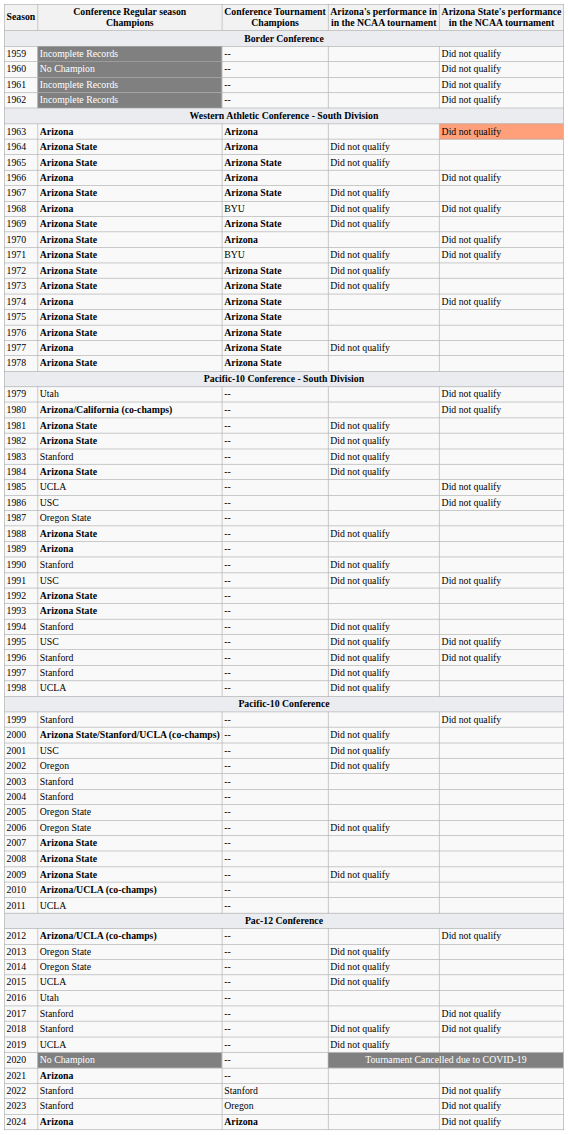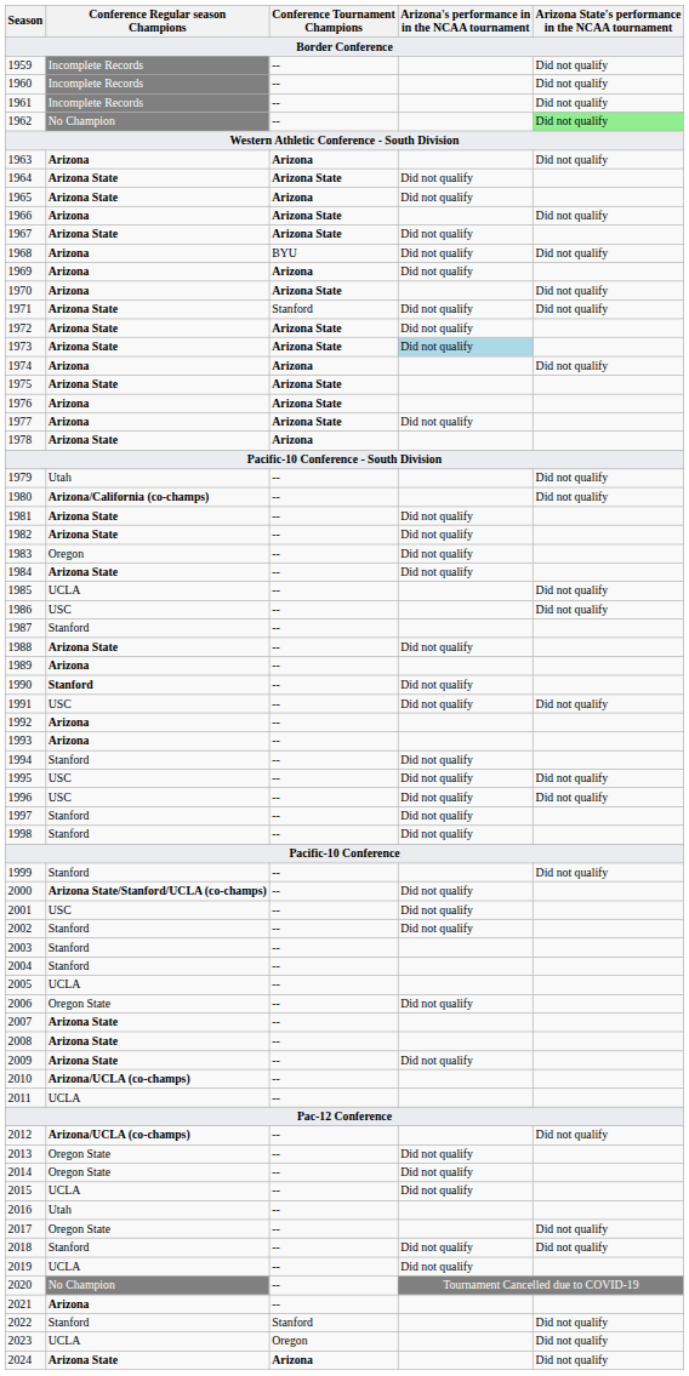 <table class="wikitable">
 <tr>
 <th>Season</th>
 <th>Conference Regular season<br>Champions</th>
 <th>Conference Tournament<br>Champions</th>
 <th>Arizona's performance in<br>in the NCAA tournament</th>
 <th>Arizona State's performance<br>in the NCAA tournament</th>
 </tr>
 <tr>
 <td colspan=5; align=center style="background-color:#eaecf0"><strong>Border Conference</strong></td>
 </tr>
 <tr>
 <td>1959</td>
 <td style="background: grey;color:white">Incomplete Records</td>
 <td>--</td>
 <td><a href='#'></a></td>
 <td>Did not qualify</td>
 </tr>
 <tr>
 <td>1960</td>
-<td style="background: grey;color:white">No Champion</td>
+<td style="background: grey;color:white">Incomplete Records</td>
 <td>--</td>
 <td><a href='#'></a></td>
 <td>Did not qualify</td>
 </tr>
 <tr>
 <td>1961</td>
 <td style="background: grey;color:white">Incomplete Records</td>
 <td>--</td>
 <td><a href='#'></a></td>
 <td>Did not qualify</td>
 </tr>
 <tr>
 <td>1962</td>
-<td style="background: grey;color:white">Incomplete Records</td>
+<td style="background: grey;color:white">No Champion</td>
 <td>--</td>
 <td><a href='#'></a></td>
-<td>Did not qualify</td>
+<td style="background: lightgreen;">Did not qualify</td>
 </tr>
 <tr>
 <td colspan=5; align=center style="background-color:#eaecf0"><strong>Western Athletic Conference - South Division</strong></td>
 </tr>
 <tr>
 <td>1963</td>
 <td><strong>Arizona</strong></td>
 <td><strong>Arizona</strong></td>
 <td><a href='#'></a></td>
-<td style="background: lightsalmon;">Did not qualify</td>
+<td>Did not qualify</td>
 </tr>
 <tr>
 <td>1964</td>
+<td><strong>Arizona State</strong></td>
+<td><strong>Arizona State</strong></td>
+<td>Did not qualify</td>
+<td><a href='#'></a></td>
+</tr>
+<tr>
+<td>1965</td>
 <td><strong>Arizona State</strong></td>
 <td><strong>Arizona</strong></td>
 <td>Did not qualify</td>
 <td><a href='#'></a></td>
 </tr>
 <tr>
-<td>1965</td>
-<td><strong>Arizona State</strong></td>
-<td><strong>Arizona State</strong></td>
-<td>Did not qualify</td>
-<td><a href='#'></a></td>
-</tr>
-<tr>
 <td>1966</td>
 <td><strong>Arizona</strong></td>
-<td><strong>Arizona</strong></td>
+<td><strong>Arizona State</strong></td>
 <td><a href='#'></a></td>
 <td>Did not qualify</td>
 </tr>
 <tr>
 <td>1967</td>
 <td><strong>Arizona State</strong></td>
 <td><strong>Arizona State</strong></td>
 <td>Did not qualify</td>
 <td><a href='#'></a></td>
 </tr>
 <tr>
 <td>1968</td>
 <td><strong>Arizona</strong></td>
 <td>BYU</td>
 <td>Did not qualify</td>
 <td>Did not qualify</td>
 </tr>
 <tr>
 <td>1969</td>
-<td><strong>Arizona State</strong></td>
-<td><strong>Arizona State</strong></td>
+<td><strong>Arizona</strong></td>
+<td><strong>Arizona</strong></td>
 <td>Did not qualify</td>
 <td><a href='#'></a></td>
 </tr>
 <tr>
 <td>1970</td>
+<td><strong>Arizona</strong></td>
 <td><strong>Arizona State</strong></td>
-<td><strong>Arizona</strong></td>
 <td><a href='#'></a></td>
 <td>Did not qualify</td>
 </tr>
 <tr>
 <td>1971</td>
 <td><strong>Arizona State</strong></td>
-<td>BYU</td>
+<td>Stanford</td>
 <td>Did not qualify</td>
 <td>Did not qualify</td>
 </tr>
 <tr>
 <td>1972</td>
 <td><strong>Arizona State</strong></td>
 <td><strong>Arizona State</strong></td>
 <td>Did not qualify</td>
 <td><a href='#'></a></td>
 </tr>
 <tr>
 <td>1973</td>
 <td><strong>Arizona State</strong></td>
 <td><strong>Arizona State</strong></td>
-<td>Did not qualify</td>
+<td style="background: lightblue;">Did not qualify</td>
 <td><a href='#'></a></td>
 </tr>
 <tr>
 <td>1974</td>
 <td><strong>Arizona</strong></td>
-<td><strong>Arizona State</strong></td>
+<td><strong>Arizona</strong></td>
 <td><a href='#'></a></td>
 <td>Did not qualify</td>
 </tr>
 <tr>
 <td>1975</td>
 <td><strong>Arizona State</strong></td>
 <td><strong>Arizona State</strong></td>
 <td><a href='#'></a></td>
 <td><a href='#'></a></td>
 </tr>
 <tr>
 <td>1976</td>
-<td><strong>Arizona State</strong></td>
+<td><strong>Arizona</strong></td>
 <td><strong>Arizona State</strong></td>
 <td><a href='#'></a></td>
 <td><a href='#'></a></td>
 </tr>
 <tr>
 <td>1977</td>
 <td><strong>Arizona</strong></td>
 <td><strong>Arizona State</strong></td>
 <td>Did not qualify</td>
 <td><a href='#'></a></td>
 </tr>
 <tr>
 <td>1978</td>
 <td><strong>Arizona State</strong></td>
-<td><strong>Arizona State</strong></td>
+<td><strong>Arizona</strong></td>
 <td><a href='#'></a></td>
 <td><a href='#'></a></td>
 </tr>
 <tr>
 <td colspan=5; align=center style="background-color:#eaecf0"><strong>Pacific-10 Conference - South Division</strong></td>
 </tr>
 <tr>
 <td>1979</td>
 <td>Utah</td>
 <td>--</td>
 <td><a href='#'></a></td>
 <td>Did not qualify</td>
 </tr>
 <tr>
 <td>1980</td>
 <td><strong>Arizona/California (co-champs)</strong></td>
 <td>--</td>
 <td><a href='#'></a></td>
 <td>Did not qualify</td>
 </tr>
 <tr>
 <td>1981</td>
 <td><strong>Arizona State</strong></td>
 <td>--</td>
 <td>Did not qualify</td>
 <td><a href='#'></a></td>
 </tr>
 <tr>
 <td>1982</td>
 <td><strong>Arizona State</strong></td>
 <td>--</td>
 <td>Did not qualify</td>
 <td><a href='#'></a></td>
 </tr>
 <tr>
 <td>1983</td>
-<td>Stanford</td>
+<td>Oregon</td>
 <td>--</td>
 <td>Did not qualify</td>
 <td><a href='#'></a></td>
 </tr>
 <tr>
 <td>1984</td>
 <td><strong>Arizona State</strong></td>
 <td>--</td>
 <td>Did not qualify</td>
 <td><a href='#'></a></td>
 </tr>
 <tr>
 <td>1985</td>
 <td>UCLA</td>
 <td>--</td>
 <td><a href='#'></a></td>
 <td>Did not qualify</td>
 </tr>
 <tr>
 <td>1986</td>
 <td>USC</td>
 <td>--</td>
 <td><a href='#'></a></td>
 <td>Did not qualify</td>
 </tr>
 <tr>
 <td>1987</td>
-<td>Oregon State</td>
+<td>Stanford</td>
 <td>--</td>
 <td><a href='#'></a></td>
 <td><a href='#'></a></td>
 </tr>
 <tr>
 <td>1988</td>
 <td><strong>Arizona State</strong></td>
 <td>--</td>
 <td>Did not qualify</td>
 <td><a href='#'></a></td>
 </tr>
 <tr>
 <td>1989</td>
 <td><strong>Arizona</strong></td>
 <td>--</td>
 <td><a href='#'></a></td>
 <td><a href='#'></a></td>
 </tr>
 <tr>
 <td>1990</td>
-<td>Stanford</td>
+<td><strong>Stanford</strong></td>
 <td>--</td>
 <td>Did not qualify</td>
 <td><a href='#'></a></td>
 </tr>
 <tr>
 <td>1991</td>
 <td>USC</td>
 <td>--</td>
 <td>Did not qualify</td>
 <td>Did not qualify</td>
 </tr>
 <tr>
 <td>1992</td>
-<td><strong>Arizona State</strong></td>
+<td><strong>Arizona</strong></td>
 <td>--</td>
 <td><a href='#'></a></td>
 <td><a href='#'></a></td>
 </tr>
 <tr>
 <td>1993</td>
-<td><strong>Arizona State</strong></td>
+<td><strong>Arizona</strong></td>
 <td>--</td>
 <td><a href='#'></a></td>
 <td><a href='#'></a></td>
 </tr>
 <tr>
 <td>1994</td>
 <td>Stanford</td>
 <td>--</td>
 <td>Did not qualify</td>
 <td><a href='#'></a></td>
 </tr>
 <tr>
 <td>1995</td>
 <td>USC</td>
 <td>--</td>
 <td>Did not qualify</td>
 <td>Did not qualify</td>
 </tr>
 <tr>
 <td>1996</td>
-<td>Stanford</td>
+<td>USC</td>
 <td>--</td>
 <td>Did not qualify</td>
 <td>Did not qualify</td>
 </tr>
 <tr>
 <td>1997</td>
 <td>Stanford</td>
 <td>--</td>
 <td>Did not qualify</td>
 <td><a href='#'></a></td>
 </tr>
 <tr>
 <td>1998</td>
-<td>UCLA</td>
+<td>Stanford</td>
 <td>--</td>
 <td>Did not qualify</td>
 <td><a href='#'></a></td>
 </tr>
 <tr>
 <td colspan=5; align=center style="background-color:#eaecf0"><strong>Pacific-10 Conference</strong></td>
 </tr>
 <tr>
 <td>1999</td>
 <td>Stanford</td>
 <td>--</td>
 <td><a href='#'></a></td>
 <td>Did not qualify</td>
 </tr>
 <tr>
 <td>2000</td>
 <td><strong>Arizona State/Stanford/UCLA (co-champs)</strong></td>
 <td>--</td>
 <td>Did not qualify</td>
 <td><a href='#'></a></td>
 </tr>
 <tr>
 <td>2001</td>
 <td>USC</td>
 <td>--</td>
 <td>Did not qualify</td>
 <td><a href='#'></a></td>
 </tr>
 <tr>
 <td>2002</td>
-<td>Oregon</td>
+<td>Stanford</td>
 <td>--</td>
 <td>Did not qualify</td>
 <td><a href='#'></a></td>
 </tr>
 <tr>
 <td>2003</td>
 <td>Stanford</td>
 <td>--</td>
 <td><a href='#'></a></td>
 <td><a href='#'></a></td>
 </tr>
 <tr>
 <td>2004</td>
 <td>Stanford</td>
 <td>--</td>
 <td><a href='#'></a></td>
 <td><a href='#'></a></td>
 </tr>
 <tr>
 <td>2005</td>
-<td>Oregon State</td>
+<td>UCLA</td>
 <td>--</td>
 <td><a href='#'></a></td>
 <td><a href='#'></a></td>
 </tr>
 <tr>
 <td>2006</td>
 <td>Oregon State</td>
 <td>--</td>
 <td>Did not qualify</td>
 <td><a href='#'></a></td>
 </tr>
 <tr>
 <td>2007</td>
 <td><strong>Arizona State</strong></td>
 <td>--</td>
 <td><a href='#'></a></td>
 <td><a href='#'></a></td>
 </tr>
 <tr>
 <td>2008</td>
 <td><strong>Arizona State</strong></td>
 <td>--</td>
 <td><a href='#'></a></td>
 <td><a href='#'></a></td>
 </tr>
 <tr>
 <td>2009</td>
 <td><strong>Arizona State</strong></td>
 <td>--</td>
 <td>Did not qualify</td>
 <td><a href='#'></a></td>
 </tr>
 <tr>
 <td>2010</td>
 <td><strong>Arizona/UCLA (co-champs)</strong></td>
 <td>--</td>
 <td><a href='#'></a></td>
 <td><a href='#'></a></td>
 </tr>
 <tr>
 <td>2011</td>
 <td>UCLA</td>
 <td>--</td>
 <td><a href='#'></a></td>
 <td><a href='#'></a></td>
 </tr>
 <tr>
 <td colspan=5; align=center style="background-color:#eaecf0"><strong>Pac-12 Conference</strong></td>
 </tr>
 <tr>
 <td>2012</td>
 <td><strong>Arizona/UCLA (co-champs)</strong></td>
 <td>--</td>
 <td><a href='#'></a></td>
 <td>Did not qualify</td>
 </tr>
 <tr>
 <td>2013</td>
 <td>Oregon State</td>
 <td>--</td>
 <td>Did not qualify</td>
 <td><a href='#'></a></td>
 </tr>
 <tr>
 <td>2014</td>
 <td>Oregon State</td>
 <td>--</td>
 <td>Did not qualify</td>
 <td><a href='#'></a></td>
 </tr>
 <tr>
 <td>2015</td>
 <td>UCLA</td>
 <td>--</td>
 <td>Did not qualify</td>
 <td><a href='#'></a></td>
 </tr>
 <tr>
 <td>2016</td>
 <td>Utah</td>
 <td>--</td>
 <td><a href='#'></a></td>
 <td><a href='#'></a></td>
 </tr>
 <tr>
 <td>2017</td>
-<td>Stanford</td>
+<td>Oregon State</td>
 <td>--</td>
 <td><a href='#'></a></td>
 <td>Did not qualify</td>
 </tr>
 <tr>
 <td>2018</td>
 <td>Stanford</td>
 <td>--</td>
 <td>Did not qualify</td>
 <td>Did not qualify</td>
 </tr>
 <tr>
 <td>2019</td>
 <td>UCLA</td>
 <td>--</td>
 <td>Did not qualify</td>
 <td><a href='#'></a></td>
 </tr>
 <tr>
 <td>2020</td>
 <td style="background: grey;color:white">No Champion</td>
 <td>--</td>
 <td colspan=2; align=center style="background: grey;color:white">Tournament Cancelled due to COVID-19</td>
 </tr>
 <tr>
 <td>2021</td>
 <td><strong>Arizona</strong></td>
 <td>--</td>
 <td><a href='#'></a></td>
 <td><a href='#'></a></td>
 </tr>
 <tr>
 <td>2022</td>
 <td>Stanford</td>
 <td>Stanford</td>
 <td><a href='#'></a></td>
 <td>Did not qualify</td>
 </tr>
 <tr>
 <td>2023</td>
-<td>Stanford</td>
+<td>UCLA</td>
 <td>Oregon</td>
 <td><a href='#'></a></td>
 <td>Did not qualify</td>
 </tr>
 <tr>
 <td>2024</td>
-<td><strong>Arizona</strong></td>
+<td><strong>Arizona State</strong></td>
 <td><strong>Arizona</strong></td>
 <td><a href='#'></a></td>
 <td>Did not qualify</td>
 </tr>
 </table>
